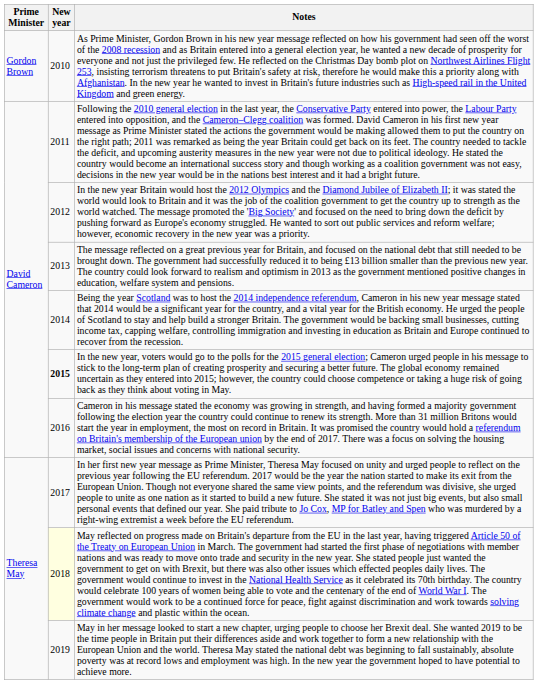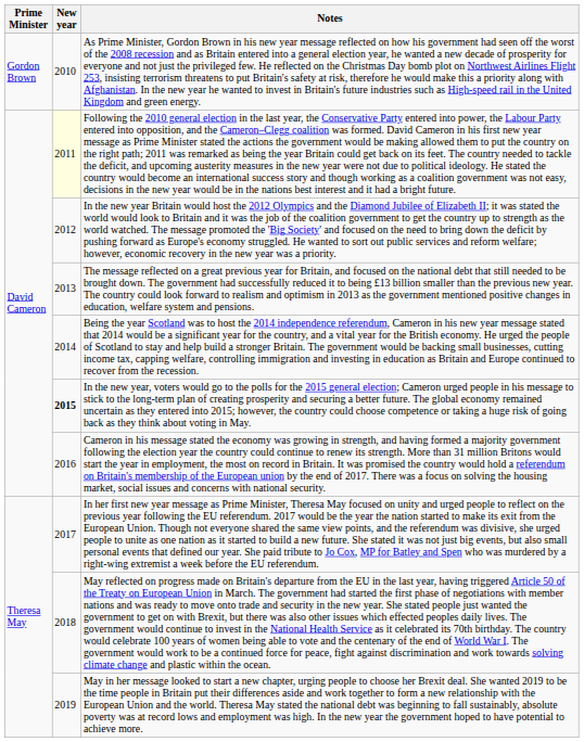 <table class=wikitable>
 <tr>
 <th>Prime Minister</th>
 <th>New year</th>
 <th>Notes</th>
 </tr>
 <tr>
 <td rowspan="1"><a href='#'>Gordon Brown</a></td>
 <td>2010</td>
 <td>As Prime Minister, Gordon Brown in his new year message reflected on how his government had seen off the worst of the <a href='#'>2008 recession</a> and as Britain entered into a general election year, he wanted a new decade of prosperity for everyone and not just the privileged few. He reflected on the Christmas Day bomb plot on <a href='#'>Northwest Airlines Flight 253</a>, insisting terrorism threatens to put Britain's safety at risk, therefore he would make this a priority along with <a href='#'>Afghanistan</a>. In the new year he wanted to invest in Britain's future industries such as <a href='#'>High-speed rail in the United Kingdom</a> and green energy.</td>
 </tr>
 <tr>
 <td rowspan="6"><a href='#'>David Cameron</a></td>
-<td>2011</td>
+<td style="background: lightyellow;">2011</td>
 <td>Following the <a href='#'>2010 general election</a> in the last year, the <a href='#'>Conservative Party</a> entered into power, the <a href='#'>Labour Party</a> entered into opposition, and the <a href='#'>Cameron–Clegg coalition</a> was formed. David Cameron in his first new year message as Prime Minister stated the actions the government would be making allowed them to put the country on the right path; 2011 was remarked as being the year Britain could get back on its feet. The country needed to tackle the deficit, and upcoming austerity measures in the new year were not due to political ideology. He stated the country would become an international success story and though working as a coalition government was not easy, decisions in the new year would be in the nations best interest and it had a bright future.</td>
 </tr>
 <tr>
 <td>2012</td>
 <td>In the new year Britain would host the <a href='#'>2012 Olympics</a> and the <a href='#'>Diamond Jubilee of Elizabeth II</a>; it was stated the world would look to Britain and it was the job of the coalition government to get the country up to strength as the world watched. The message promoted the '<a href='#'>Big Society</a>' and focused on the need to bring down the deficit by pushing forward as Europe's economy struggled. He wanted to sort out public services and reform welfare; however, economic recovery in the new year was a priority.</td>
 </tr>
 <tr>
 <td>2013</td>
 <td>The message reflected on a great previous year for Britain, and focused on the national debt that still needed to be brought down. The government had successfully reduced it to being £13 billion smaller than the previous new year. The country could look forward to realism and optimism in 2013 as the government mentioned positive changes in education, welfare system and pensions.</td>
 </tr>
 <tr>
 <td>2014</td>
 <td>Being the year <a href='#'>Scotland</a> was to host the <a href='#'>2014 independence referendum</a>, Cameron in his new year message stated that 2014 would be a significant year for the country, and a vital year for the British economy. He urged the people of Scotland to stay and help build a stronger Britain. The government would be backing small businesses, cutting income tax, capping welfare, controlling immigration and investing in education as Britain and Europe continued to recover from the recession.</td>
 </tr>
 <tr>
 <td><strong>2015</strong></td>
 <td>In the new year, voters would go to the polls for the <a href='#'>2015 general election</a>; Cameron urged people in his message to stick to the long-term plan of creating prosperity and securing a better future. The global economy remained uncertain as they entered into 2015; however, the country could choose competence or taking a huge risk of going back as they think about voting in May.</td>
 </tr>
 <tr>
 <td>2016</td>
 <td>Cameron in his message stated the economy was growing in strength, and having formed a majority government following the election year the country could continue to renew its strength. More than 31 million Britons would start the year in employment, the most on record in Britain. It was promised the country would hold a <a href='#'>referendum on Britain's membership of the European union</a> by the end of 2017. There was a focus on solving the housing market, social issues and concerns with national security.</td>
 </tr>
 <tr>
 <td rowspan="3"><a href='#'>Theresa May</a></td>
 <td>2017</td>
 <td>In her first new year message as Prime Minister, Theresa May focused on unity and urged people to reflect on the previous year following the EU referendum. 2017 would be the year the nation started to make its exit from the European Union. Though not everyone shared the same view points, and the referendum was divisive, she urged people to unite as one nation as it started to build a new future. She stated it was not just big events, but also small personal events that defined our year. She paid tribute to <a href='#'>Jo Cox</a>, <a href='#'>MP for Batley and Spen</a> who was murdered by a right-wing extremist a week before the EU referendum.</td>
 </tr>
 <tr>
-<td style="background: lightyellow;">2018</td>
+<td>2018</td>
 <td>May reflected on progress made on Britain's departure from the EU in the last year, having triggered <a href='#'>Article 50 of the Treaty on European Union</a> in March. The government had started the first phase of negotiations with member nations and was ready to move onto trade and security in the new year. She stated people just wanted the government to get on with Brexit, but there was also other issues which effected peoples daily lives. The government would continue to invest in the <a href='#'>National Health Service</a> as it celebrated its 70th birthday. The country would celebrate 100 years of women being able to vote and the centenary of the end of <a href='#'>World War I</a>. The government would work to be a continued force for peace, fight against discrimination and work towards <a href='#'>solving climate change</a> and plastic within the ocean.</td>
 </tr>
 <tr>
 <td>2019</td>
 <td>May in her message looked to start a new chapter, urging people to choose her Brexit deal. She wanted 2019 to be the time people in Britain put their differences aside and work together to form a new relationship with the European Union and the world. Theresa May stated the national debt was beginning to fall sustainably, absolute poverty was at record lows and employment was high. In the new year the government hoped to have potential to achieve more.</td>
 </tr>
 </table>
